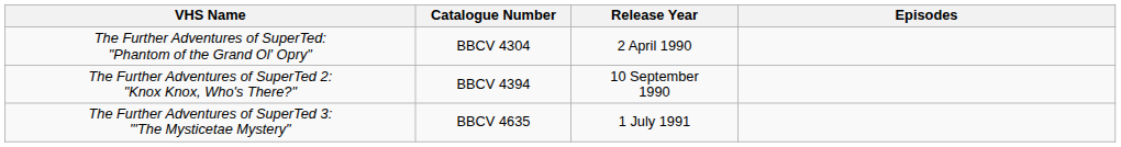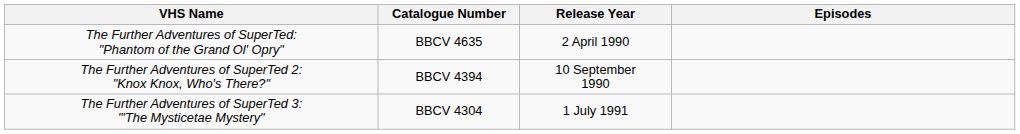 <table class="wikitable" style="text-align:center; width:100%;">
 <tr>
 <th style="width:37%;">VHS Name</th>
 <th style="width:14%;">Catalogue Number</th>
 <th style="width:15%;">Release Year</th>
 <th style="width:40%;">Episodes</th>
 </tr>
 <tr>
 <td><em>The Further Adventures of SuperTed:<br>"Phantom of the Grand Ol' Opry"</em></td>
-<td style="text-align:center;">BBCV 4304</td>
+<td style="text-align:center;">BBCV 4635</td>
 <td style="text-align:center;">2 April 1990</td>
 <td style="text-align:center;"></td>
 </tr>
 <tr>
 <td><em>The Further Adventures of SuperTed 2:<br>"Knox Knox, Who's There?"</em></td>
 <td style="text-align:center;">BBCV 4394</td>
 <td style="text-align:center;">10 September<br>1990</td>
 <td style="text-align:center;"></td>
 </tr>
 <tr>
 <td><em>The Further Adventures of SuperTed 3:<br>"'The Mysticetae Mystery"</em></td>
-<td style="text-align:center;">BBCV 4635</td>
+<td style="text-align:center;">BBCV 4304</td>
 <td style="text-align:center;">1 July 1991</td>
 <td style="text-align:center;"></td>
 </tr>
 </table>
